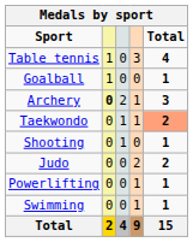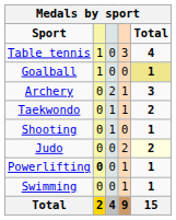 <table class=wikitable style="font-size:85%">
 <tr bgcolor=efefef>
 <th colspan=7>Medals by sport</th>
 </tr>
 <tr align=center>
 <td><strong>Sport</strong></td>
 <td bgcolor=f7f6a8></td>
 <td bgcolor=dce5e5></td>
 <td bgcolor=ffdab9></td>
 <td><strong>Total</strong></td>
 </tr>
 <tr align=center>
 <td><a href='#'>Table tennis</a></td>
 <td style="background:#F7F6A8;">1</td>
 <td style="background:#DCE5E5;">0</td>
 <td style="background:#FFDAB9;">3</td>
 <td><strong>4</strong></td>
 </tr>
 <tr align=center>
 <td><a href='#'>Goalball</a></td>
 <td style="background:#F7F6A8;">1</td>
 <td style="background:#DCE5E5;">0</td>
 <td style="background:#FFDAB9;">0</td>
-<td><strong>1</strong></td>
+<td style="background: khaki;"><strong>1</strong></td>
 </tr>
 <tr align=center>
 <td><a href='#'>Archery</a></td>
-<td style="background:#F7F6A8;"><strong>0</strong></td>
+<td style="background:#F7F6A8;">0</td>
 <td style="background:#DCE5E5;">2</td>
 <td style="background:#FFDAB9;">1</td>
 <td><strong>3</strong></td>
 </tr>
 <tr align=center>
 <td><a href='#'>Taekwondo</a></td>
 <td style="background:#F7F6A8;">0</td>
 <td style="background:#DCE5E5;">1</td>
 <td style="background:#FFDAB9;">1</td>
-<td style="background: lightsalmon;"><strong>2</strong></td>
+<td><strong>2</strong></td>
 </tr>
 <tr align=center>
 <td><a href='#'>Shooting</a></td>
 <td style="background:#F7F6A8;">0</td>
 <td style="background:#DCE5E5;">1</td>
 <td style="background:#FFDAB9;">0</td>
 <td><strong>1</strong></td>
 </tr>
 <tr align=center>
 <td><a href='#'>Judo</a></td>
 <td style="background:#F7F6A8;">0</td>
 <td style="background:#DCE5E5;">0</td>
 <td style="background:#FFDAB9;">2</td>
-<td><strong>2</strong></td>
+<td style="background: lightyellow;"><strong>2</strong></td>
 </tr>
 <tr align=center>
 <td><a href='#'>Powerlifting</a></td>
-<td style="background:#F7F6A8;">0</td>
+<td style="background:#F7F6A8;"><strong>0</strong></td>
 <td style="background:#DCE5E5;">0</td>
 <td style="background:#FFDAB9;">1</td>
 <td><strong>1</strong></td>
 </tr>
 <tr align=center>
 <td><a href='#'>Swimming</a></td>
 <td style="background:#F7F6A8;">0</td>
 <td style="background:#DCE5E5;">0</td>
 <td style="background:#FFDAB9;">1</td>
 <td><strong>1</strong></td>
 </tr>
 <tr align=center>
 <th>Total</th>
 <th style="background:gold;">2</th>
 <th style="background:silver;">4</th>
 <th style="background:#c96;">9</th>
 <th>15</th>
 </tr>
 </table>
